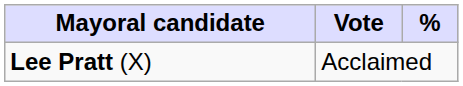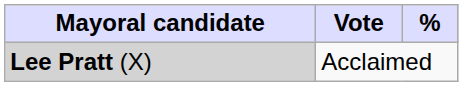 <table class="wikitable">
 <tr>
 <th style="background:#ddf;" width="200px">Mayoral candidate</th>
 <th style="background:#ddf;" width="50px">Vote</th>
 <th style="background:#ddf;" width="30px">%</th>
 </tr>
 <tr>
-<td><strong>Lee Pratt</strong> (X)</td>
+<td style="background: lightgrey;"><strong>Lee Pratt</strong> (X)</td>
 <td colspan="2">Acclaimed</td>
 </tr>
 </table>
